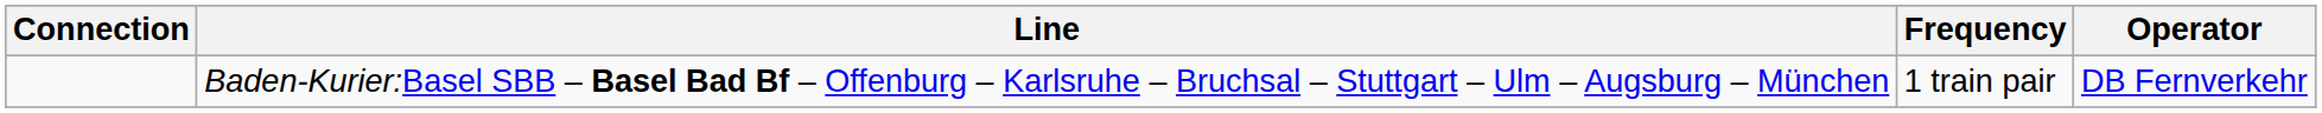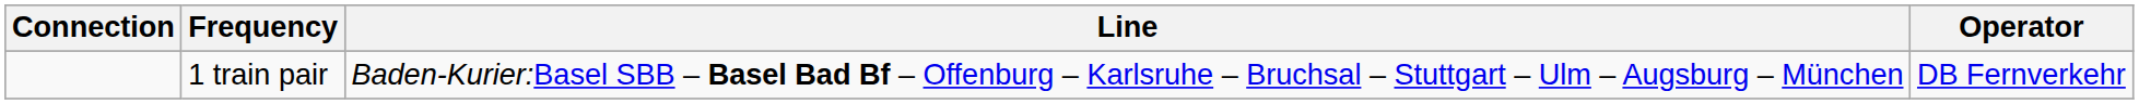 <table class="wikitable">
 <tr>
 <th>Connection</th>
+<th>Frequency</th>
 <th>Line</th>
-<th>Frequency</th>
 <th>Operator</th>
 </tr>
 <tr>
 <td align="center"></td>
+<td>1 train pair</td>
 <td><em>Baden-Kurier:</em><a href='#'>Basel SBB</a> – <strong>Basel Bad Bf</strong> – <a href='#'>Offenburg</a> – <a href='#'>Karlsruhe</a> – <a href='#'>Bruchsal</a> – <a href='#'>Stuttgart</a> – <a href='#'>Ulm</a> – <a href='#'>Augsburg</a> – <a href='#'>München</a></td>
-<td>1 train pair</td>
 <td><a href='#'>DB Fernverkehr</a></td>
 </tr>
 </table>
